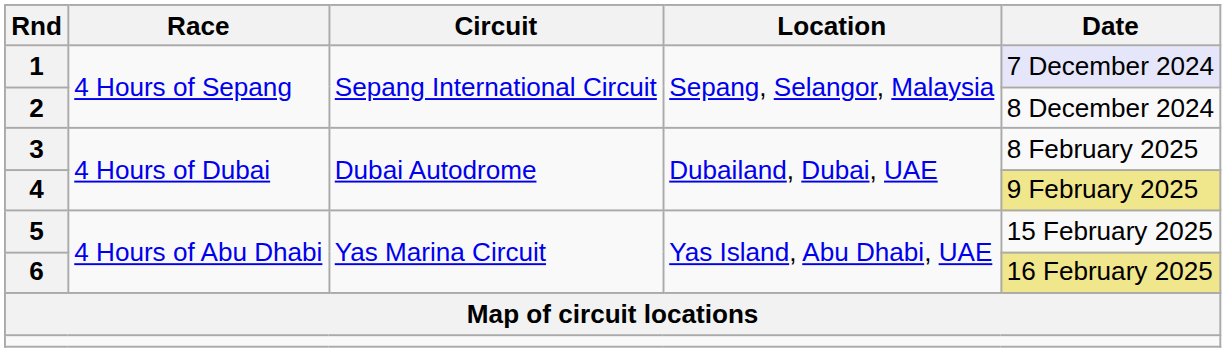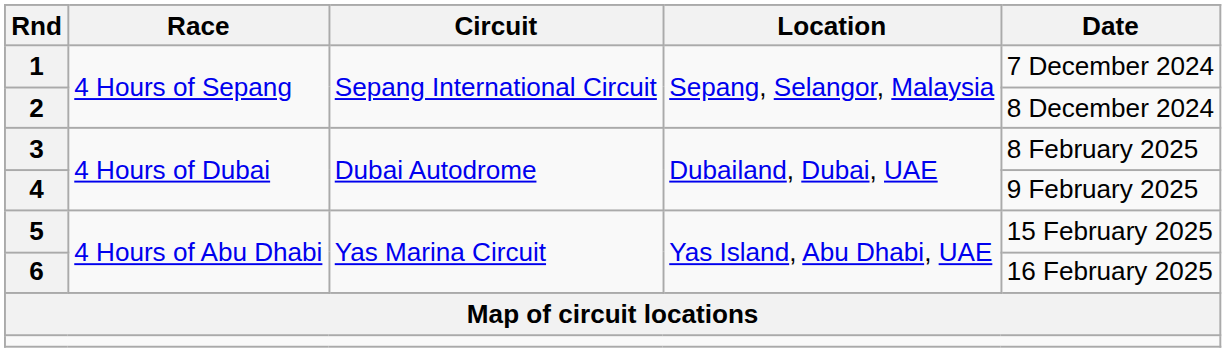 <table class="wikitable" style="font-size: 85%;">
 <tr>
 <th>Rnd</th>
 <th>Race</th>
 <th>Circuit</th>
 <th>Location</th>
 <th>Date</th>
 </tr>
 <tr>
 <th>1</th>
 <td rowspan="2"><a href='#'>4 Hours of Sepang</a></td>
 <td rowspan="2"> <a href='#'>Sepang International Circuit</a></td>
 <td rowspan="2"><a href='#'>Sepang</a>, <a href='#'>Selangor</a>, <a href='#'>Malaysia</a></td>
-<td style="background: lavender;">7 December 2024</td>
+<td>7 December 2024</td>
 </tr>
 <tr>
 <th>2</th>
 <td>8 December 2024</td>
 </tr>
 <tr>
 <th>3</th>
 <td rowspan="2"><a href='#'>4 Hours of Dubai</a></td>
 <td rowspan="2"> <a href='#'>Dubai Autodrome</a></td>
 <td rowspan="2"><a href='#'>Dubailand</a>, <a href='#'>Dubai</a>, <a href='#'>UAE</a></td>
 <td>8 February 2025</td>
 </tr>
 <tr>
 <th>4</th>
-<td style="background: khaki;">9 February 2025</td>
+<td>9 February 2025</td>
 </tr>
 <tr>
 <th>5</th>
 <td rowspan="2"><a href='#'>4 Hours of Abu Dhabi</a></td>
 <td rowspan="2"> <a href='#'>Yas Marina Circuit</a></td>
 <td rowspan="2"><a href='#'>Yas Island</a>, <a href='#'>Abu Dhabi</a>, <a href='#'>UAE</a></td>
 <td>15 February 2025</td>
 </tr>
 <tr>
 <th>6</th>
-<td style="background: khaki;">16 February 2025</td>
+<td>16 February 2025</td>
 </tr>
 <tr>
 <th colspan=5>Map of circuit locations</th>
 </tr>
 <tr>
 <td colspan=5></td>
 </tr>
 </table>
